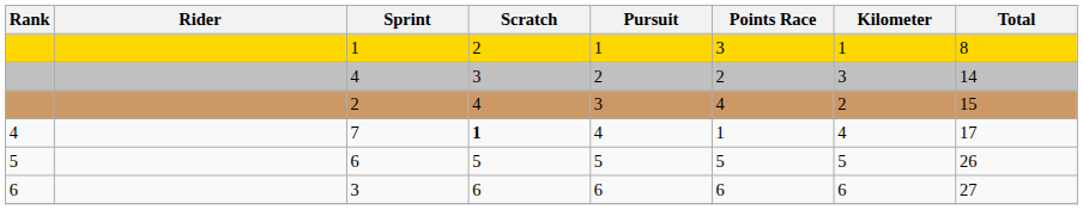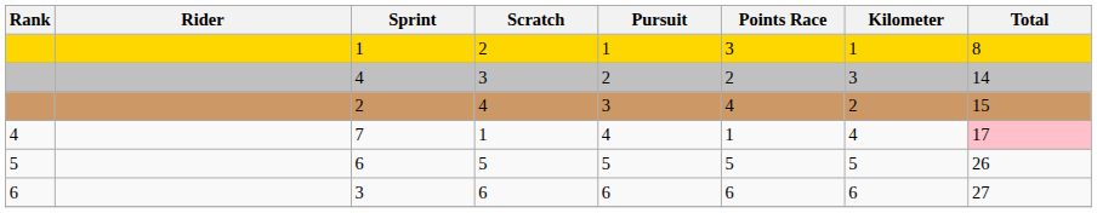 <table class="wikitable" style="font-size:95%" style="width:35em;" style="text-align:center">
 <tr>
 <th>Rank</th>
 <th width=250>Rider</th>
 <th width=100>Sprint</th>
 <th width=100>Scratch</th>
 <th width=100>Pursuit</th>
 <th width=100>Points Race</th>
 <th width=100>Kilometer</th>
 <th width=100>Total</th>
 </tr>
 <tr bgcolor=gold>
 <td></td>
 <td align=left></td>
 <td>1</td>
 <td>2</td>
 <td>1</td>
 <td>3</td>
 <td>1</td>
 <td>8</td>
 </tr>
 <tr bgcolor=silver>
 <td></td>
 <td align=left></td>
 <td>4</td>
 <td>3</td>
 <td>2</td>
 <td>2</td>
 <td>3</td>
 <td>14</td>
 </tr>
 <tr bgcolor=cc9966>
 <td></td>
 <td align=left></td>
 <td>2</td>
 <td>4</td>
 <td>3</td>
 <td>4</td>
 <td>2</td>
 <td>15</td>
 </tr>
 <tr>
 <td>4</td>
 <td align=left></td>
 <td>7</td>
-<td><strong>1</strong></td>
+<td>1</td>
 <td>4</td>
 <td>1</td>
 <td>4</td>
-<td>17</td>
+<td style="background: pink;">17</td>
 </tr>
 <tr>
 <td>5</td>
 <td align=left></td>
 <td>6</td>
 <td>5</td>
 <td>5</td>
 <td>5</td>
 <td>5</td>
 <td>26</td>
 </tr>
 <tr>
 <td>6</td>
 <td align=left></td>
 <td>3</td>
 <td>6</td>
 <td>6</td>
 <td>6</td>
 <td>6</td>
 <td>27</td>
 </tr>
 <tr>
 </tr>
 </table>
